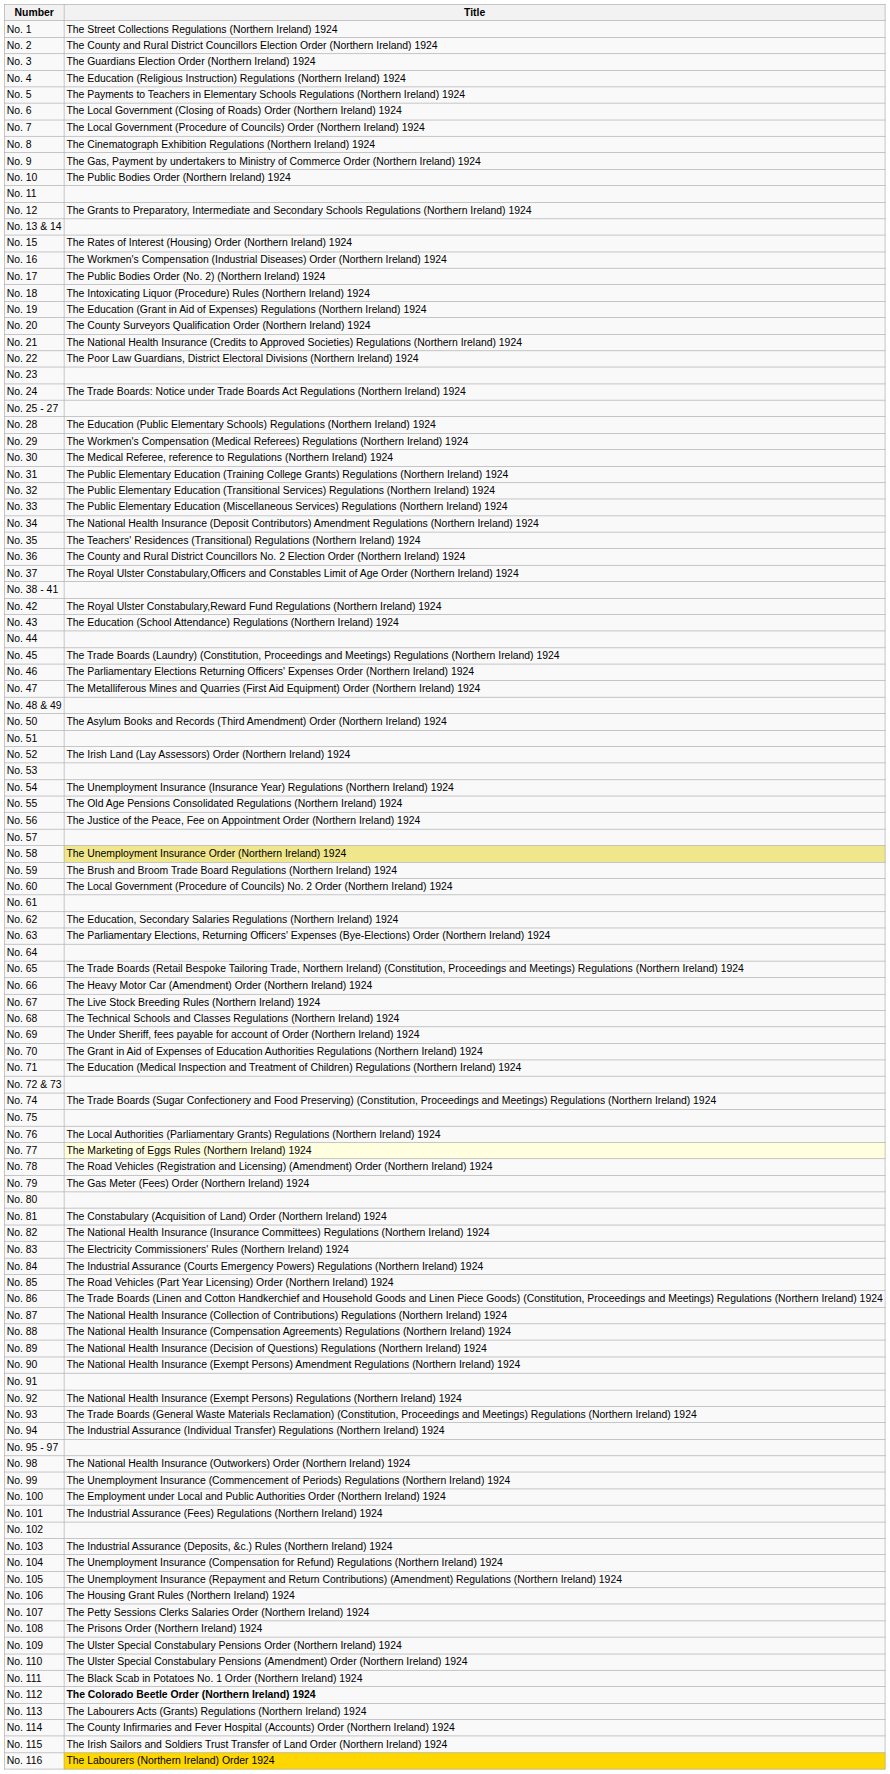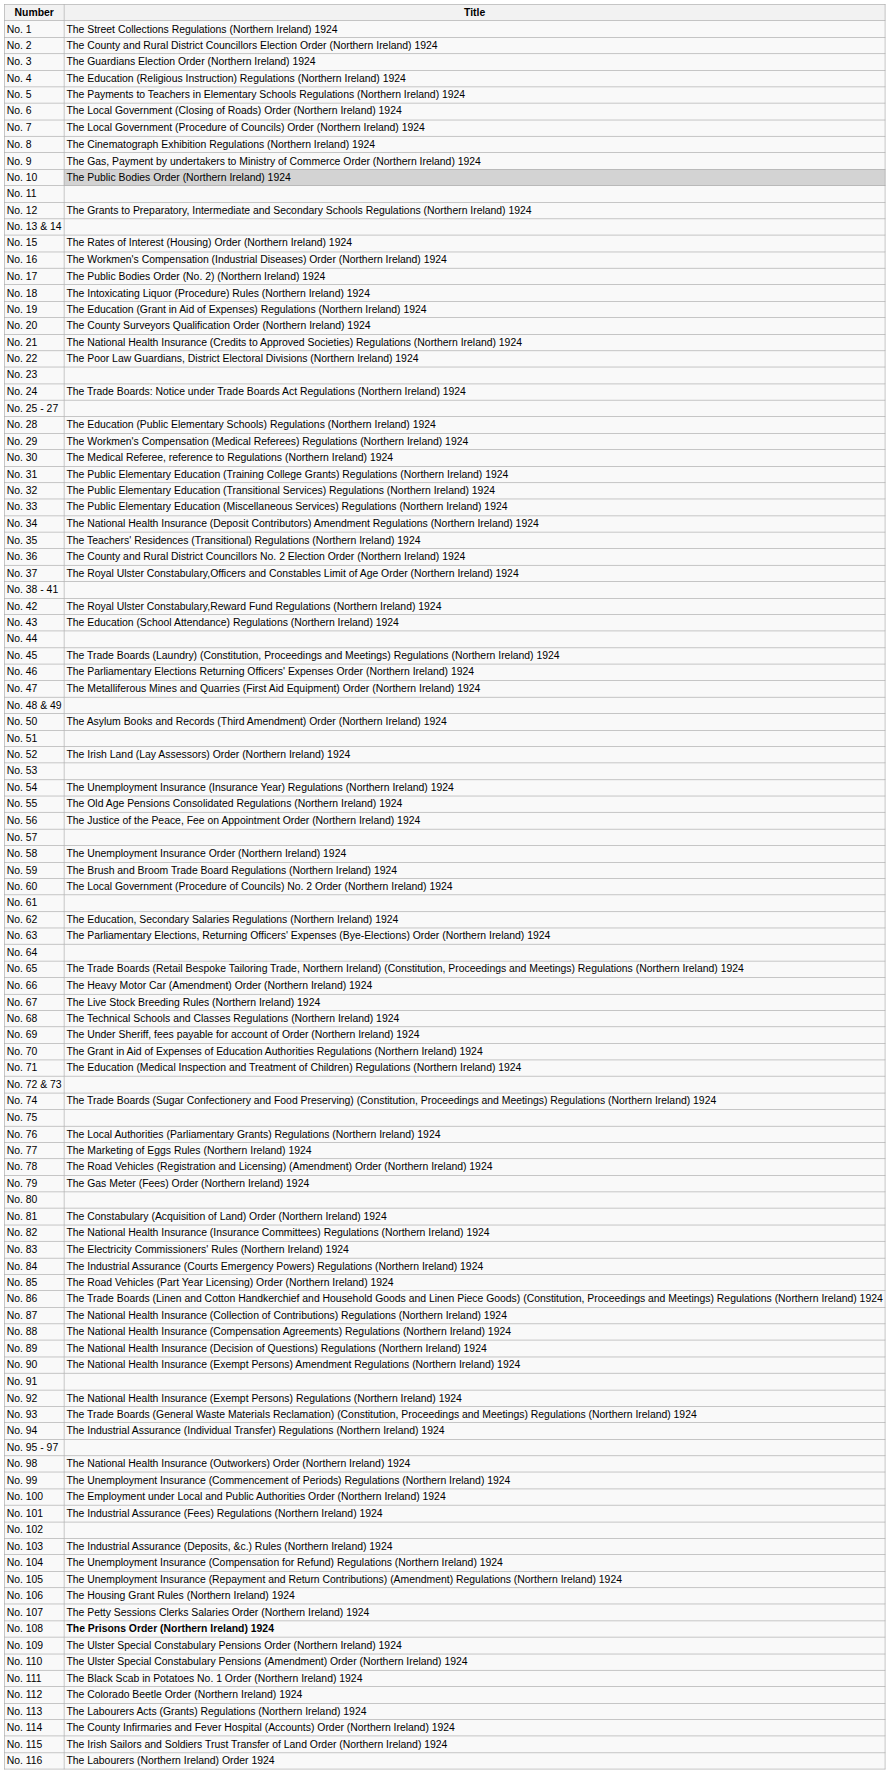 <table class="wikitable collapsible">
 <tr>
 <th>Number</th>
 <th>Title</th>
 </tr>
 <tr>
 <td>No. 1</td>
 <td>The Street Collections Regulations (Northern Ireland) 1924</td>
 </tr>
 <tr>
 <td>No. 2</td>
 <td>The County and Rural District Councillors Election Order (Northern Ireland) 1924</td>
 </tr>
 <tr>
 <td>No. 3</td>
 <td>The Guardians Election Order (Northern Ireland) 1924</td>
 </tr>
 <tr>
 <td>No. 4</td>
 <td>The Education (Religious Instruction) Regulations (Northern Ireland) 1924</td>
 </tr>
 <tr>
 <td>No. 5</td>
 <td>The Payments to Teachers in Elementary Schools Regulations (Northern Ireland) 1924</td>
 </tr>
 <tr>
 <td>No. 6</td>
 <td>The Local Government (Closing of Roads) Order (Northern Ireland) 1924</td>
 </tr>
 <tr>
 <td>No. 7</td>
 <td>The Local Government (Procedure of Councils) Order (Northern Ireland) 1924</td>
 </tr>
 <tr>
 <td>No. 8</td>
 <td>The Cinematograph Exhibition Regulations (Northern Ireland) 1924</td>
 </tr>
 <tr>
 <td>No. 9</td>
 <td>The Gas, Payment by undertakers to Ministry of Commerce Order (Northern Ireland) 1924</td>
 </tr>
 <tr>
 <td>No. 10</td>
-<td>The Public Bodies Order (Northern Ireland) 1924</td>
+<td style="background: lightgrey;">The Public Bodies Order (Northern Ireland) 1924</td>
 </tr>
 <tr>
 <td>No. 11</td>
 <td></td>
 </tr>
 <tr>
 <td>No. 12</td>
 <td>The Grants to Preparatory, Intermediate and Secondary Schools Regulations (Northern Ireland) 1924</td>
 </tr>
 <tr>
 <td>No. 13 & 14</td>
 <td></td>
 </tr>
 <tr>
 <td>No. 15</td>
 <td>The Rates of Interest (Housing) Order (Northern Ireland) 1924</td>
 </tr>
 <tr>
 <td>No. 16</td>
 <td>The Workmen's Compensation (Industrial Diseases) Order (Northern Ireland) 1924</td>
 </tr>
 <tr>
 <td>No. 17</td>
 <td>The Public Bodies Order (No. 2) (Northern Ireland) 1924</td>
 </tr>
 <tr>
 <td>No. 18</td>
 <td>The Intoxicating Liquor (Procedure) Rules (Northern Ireland) 1924</td>
 </tr>
 <tr>
 <td>No. 19</td>
 <td>The Education (Grant in Aid of Expenses) Regulations (Northern Ireland) 1924</td>
 </tr>
 <tr>
 <td>No. 20</td>
 <td>The County Surveyors Qualification Order (Northern Ireland) 1924</td>
 </tr>
 <tr>
 <td>No. 21</td>
 <td>The National Health Insurance (Credits to Approved Societies) Regulations (Northern Ireland) 1924</td>
 </tr>
 <tr>
 <td>No. 22</td>
 <td>The Poor Law Guardians, District Electoral Divisions (Northern Ireland) 1924</td>
 </tr>
 <tr>
 <td>No. 23</td>
 <td></td>
 </tr>
 <tr>
 <td>No. 24</td>
 <td>The Trade Boards: Notice under Trade Boards Act Regulations (Northern Ireland) 1924</td>
 </tr>
 <tr>
 <td>No. 25 - 27</td>
 <td></td>
 </tr>
 <tr>
 <td>No. 28</td>
 <td>The Education (Public Elementary Schools) Regulations (Northern Ireland) 1924</td>
 </tr>
 <tr>
 <td>No. 29</td>
 <td>The Workmen's Compensation (Medical Referees) Regulations (Northern Ireland) 1924</td>
 </tr>
 <tr>
 <td>No. 30</td>
 <td>The Medical Referee, reference to Regulations (Northern Ireland) 1924</td>
 </tr>
 <tr>
 <td>No. 31</td>
 <td>The Public Elementary Education (Training College Grants) Regulations (Northern Ireland) 1924</td>
 </tr>
 <tr>
 <td>No. 32</td>
 <td>The Public Elementary Education (Transitional Services) Regulations (Northern Ireland) 1924</td>
 </tr>
 <tr>
 <td>No. 33</td>
 <td>The Public Elementary Education (Miscellaneous Services) Regulations (Northern Ireland) 1924</td>
 </tr>
 <tr>
 <td>No. 34</td>
 <td>The National Health Insurance (Deposit Contributors) Amendment Regulations (Northern Ireland) 1924</td>
 </tr>
 <tr>
 <td>No. 35</td>
 <td>The Teachers' Residences (Transitional) Regulations (Northern Ireland) 1924</td>
 </tr>
 <tr>
 <td>No. 36</td>
 <td>The County and Rural District Councillors No. 2 Election Order (Northern Ireland) 1924</td>
 </tr>
 <tr>
 <td>No. 37</td>
 <td>The Royal Ulster Constabulary,Officers and Constables Limit of Age Order (Northern Ireland) 1924</td>
 </tr>
 <tr>
 <td>No. 38 - 41</td>
 <td></td>
 </tr>
 <tr>
 <td>No. 42</td>
 <td>The Royal Ulster Constabulary,Reward Fund Regulations (Northern Ireland) 1924</td>
 </tr>
 <tr>
 <td>No. 43</td>
 <td>The Education (School Attendance) Regulations (Northern Ireland) 1924</td>
 </tr>
 <tr>
 <td>No. 44</td>
 <td></td>
 </tr>
 <tr>
 <td>No. 45</td>
 <td>The Trade Boards (Laundry) (Constitution, Proceedings and Meetings) Regulations (Northern Ireland) 1924</td>
 </tr>
 <tr>
 <td>No. 46</td>
 <td>The Parliamentary Elections Returning Officers' Expenses Order (Northern Ireland) 1924</td>
 </tr>
 <tr>
 <td>No. 47</td>
 <td>The Metalliferous Mines and Quarries (First Aid Equipment) Order (Northern Ireland) 1924</td>
 </tr>
 <tr>
 <td>No. 48 & 49</td>
 <td></td>
 </tr>
 <tr>
 <td>No. 50</td>
 <td>The Asylum Books and Records (Third Amendment) Order (Northern Ireland) 1924</td>
 </tr>
 <tr>
 <td>No. 51</td>
 <td></td>
 </tr>
 <tr>
 <td>No. 52</td>
 <td>The Irish Land (Lay Assessors) Order (Northern Ireland) 1924</td>
 </tr>
 <tr>
 <td>No. 53</td>
 <td></td>
 </tr>
 <tr>
 <td>No. 54</td>
 <td>The Unemployment Insurance (Insurance Year) Regulations (Northern Ireland) 1924</td>
 </tr>
 <tr>
 <td>No. 55</td>
 <td>The Old Age Pensions Consolidated Regulations (Northern Ireland) 1924</td>
 </tr>
 <tr>
 <td>No. 56</td>
 <td>The Justice of the Peace, Fee on Appointment Order (Northern Ireland) 1924</td>
 </tr>
 <tr>
 <td>No. 57</td>
 <td></td>
 </tr>
 <tr>
 <td>No. 58</td>
-<td style="background: khaki;">The Unemployment Insurance Order (Northern Ireland) 1924</td>
+<td>The Unemployment Insurance Order (Northern Ireland) 1924</td>
 </tr>
 <tr>
 <td>No. 59</td>
 <td>The Brush and Broom Trade Board Regulations (Northern Ireland) 1924</td>
 </tr>
 <tr>
 <td>No. 60</td>
 <td>The Local Government (Procedure of Councils) No. 2 Order (Northern Ireland) 1924</td>
 </tr>
 <tr>
 <td>No. 61</td>
 <td></td>
 </tr>
 <tr>
 <td>No. 62</td>
 <td>The Education, Secondary Salaries Regulations (Northern Ireland) 1924</td>
 </tr>
 <tr>
 <td>No. 63</td>
 <td>The Parliamentary Elections, Returning Officers' Expenses (Bye-Elections) Order (Northern Ireland) 1924</td>
 </tr>
 <tr>
 <td>No. 64</td>
 <td></td>
 </tr>
 <tr>
 <td>No. 65</td>
 <td>The Trade Boards (Retail Bespoke Tailoring Trade, Northern Ireland) (Constitution, Proceedings and Meetings) Regulations (Northern Ireland) 1924</td>
 </tr>
 <tr>
 <td>No. 66</td>
 <td>The Heavy Motor Car (Amendment) Order (Northern Ireland) 1924</td>
 </tr>
 <tr>
 <td>No. 67</td>
 <td>The Live Stock Breeding Rules (Northern Ireland) 1924</td>
 </tr>
 <tr>
 <td>No. 68</td>
 <td>The Technical Schools and Classes Regulations (Northern Ireland) 1924</td>
 </tr>
 <tr>
 <td>No. 69</td>
 <td>The Under Sheriff, fees payable for account of Order (Northern Ireland) 1924</td>
 </tr>
 <tr>
 <td>No. 70</td>
 <td>The Grant in Aid of Expenses of Education Authorities Regulations (Northern Ireland) 1924</td>
 </tr>
 <tr>
 <td>No. 71</td>
 <td>The Education (Medical Inspection and Treatment of Children) Regulations (Northern Ireland) 1924</td>
 </tr>
 <tr>
 <td>No. 72 & 73</td>
 <td></td>
 </tr>
 <tr>
 <td>No. 74</td>
 <td>The Trade Boards (Sugar Confectionery and Food Preserving) (Constitution, Proceedings and Meetings) Regulations (Northern Ireland) 1924</td>
 </tr>
 <tr>
 <td>No. 75</td>
 <td></td>
 </tr>
 <tr>
 <td>No. 76</td>
 <td>The Local Authorities (Parliamentary Grants) Regulations (Northern Ireland) 1924</td>
 </tr>
 <tr>
 <td>No. 77</td>
-<td style="background: lightyellow;">The Marketing of Eggs Rules (Northern Ireland) 1924</td>
+<td>The Marketing of Eggs Rules (Northern Ireland) 1924</td>
 </tr>
 <tr>
 <td>No. 78</td>
 <td>The Road Vehicles (Registration and Licensing) (Amendment) Order (Northern Ireland) 1924</td>
 </tr>
 <tr>
 <td>No. 79</td>
 <td>The Gas Meter (Fees) Order (Northern Ireland) 1924</td>
 </tr>
 <tr>
 <td>No. 80</td>
 <td></td>
 </tr>
 <tr>
 <td>No. 81</td>
 <td>The Constabulary (Acquisition of Land) Order (Northern Ireland) 1924</td>
 </tr>
 <tr>
 <td>No. 82</td>
 <td>The National Health Insurance (Insurance Committees) Regulations (Northern Ireland) 1924</td>
 </tr>
 <tr>
 <td>No. 83</td>
 <td>The Electricity Commissioners' Rules (Northern Ireland) 1924</td>
 </tr>
 <tr>
 <td>No. 84</td>
 <td>The Industrial Assurance (Courts Emergency Powers) Regulations (Northern Ireland) 1924</td>
 </tr>
 <tr>
 <td>No. 85</td>
 <td>The Road Vehicles (Part Year Licensing) Order (Northern Ireland) 1924</td>
 </tr>
 <tr>
 <td>No. 86</td>
 <td>The Trade Boards (Linen and Cotton Handkerchief and Household Goods and Linen Piece Goods) (Constitution, Proceedings and Meetings) Regulations (Northern Ireland) 1924</td>
 </tr>
 <tr>
 <td>No. 87</td>
 <td>The National Health Insurance (Collection of Contributions) Regulations (Northern Ireland) 1924</td>
 </tr>
 <tr>
 <td>No. 88</td>
 <td>The National Health Insurance (Compensation Agreements) Regulations (Northern Ireland) 1924</td>
 </tr>
 <tr>
 <td>No. 89</td>
 <td>The National Health Insurance (Decision of Questions) Regulations (Northern Ireland) 1924</td>
 </tr>
 <tr>
 <td>No. 90</td>
 <td>The National Health Insurance (Exempt Persons) Amendment Regulations (Northern Ireland) 1924</td>
 </tr>
 <tr>
 <td>No. 91</td>
 <td></td>
 </tr>
 <tr>
 <td>No. 92</td>
 <td>The National Health Insurance (Exempt Persons) Regulations (Northern Ireland) 1924</td>
 </tr>
 <tr>
 <td>No. 93</td>
 <td>The Trade Boards (General Waste Materials Reclamation) (Constitution, Proceedings and Meetings) Regulations (Northern Ireland) 1924</td>
 </tr>
 <tr>
 <td>No. 94</td>
 <td>The Industrial Assurance (Individual Transfer) Regulations (Northern Ireland) 1924</td>
 </tr>
 <tr>
 <td>No. 95 - 97</td>
 <td></td>
 </tr>
 <tr>
 <td>No. 98</td>
 <td>The National Health Insurance (Outworkers) Order (Northern Ireland) 1924</td>
 </tr>
 <tr>
 <td>No. 99</td>
 <td>The Unemployment Insurance (Commencement of Periods) Regulations (Northern Ireland) 1924</td>
 </tr>
 <tr>
 <td>No. 100</td>
 <td>The Employment under Local and Public Authorities Order (Northern Ireland) 1924</td>
 </tr>
 <tr>
 <td>No. 101</td>
 <td>The Industrial Assurance (Fees) Regulations (Northern Ireland) 1924</td>
 </tr>
 <tr>
 <td>No. 102</td>
 <td></td>
 </tr>
 <tr>
 <td>No. 103</td>
 <td>The Industrial Assurance (Deposits, &c.) Rules (Northern Ireland) 1924</td>
 </tr>
 <tr>
 <td>No. 104</td>
 <td>The Unemployment Insurance (Compensation for Refund) Regulations (Northern Ireland) 1924</td>
 </tr>
 <tr>
 <td>No. 105</td>
 <td>The Unemployment Insurance (Repayment and Return Contributions) (Amendment) Regulations (Northern Ireland) 1924</td>
 </tr>
 <tr>
 <td>No. 106</td>
 <td>The Housing Grant Rules (Northern Ireland) 1924</td>
 </tr>
 <tr>
 <td>No. 107</td>
 <td>The Petty Sessions Clerks Salaries Order (Northern Ireland) 1924</td>
 </tr>
 <tr>
 <td>No. 108</td>
-<td>The Prisons Order (Northern Ireland) 1924</td>
+<td><strong>The Prisons Order (Northern Ireland) 1924</strong></td>
 </tr>
 <tr>
 <td>No. 109</td>
 <td>The Ulster Special Constabulary Pensions Order (Northern Ireland) 1924</td>
 </tr>
 <tr>
 <td>No. 110</td>
 <td>The Ulster Special Constabulary Pensions (Amendment) Order (Northern Ireland) 1924</td>
 </tr>
 <tr>
 <td>No. 111</td>
 <td>The Black Scab in Potatoes No. 1 Order (Northern Ireland) 1924</td>
 </tr>
 <tr>
 <td>No. 112</td>
-<td><strong>The Colorado Beetle Order (Northern Ireland) 1924</strong></td>
+<td>The Colorado Beetle Order (Northern Ireland) 1924</td>
 </tr>
 <tr>
 <td>No. 113</td>
 <td>The Labourers Acts (Grants) Regulations (Northern Ireland) 1924</td>
 </tr>
 <tr>
 <td>No. 114</td>
 <td>The County Infirmaries and Fever Hospital (Accounts) Order (Northern Ireland) 1924</td>
 </tr>
 <tr>
 <td>No. 115</td>
 <td>The Irish Sailors and Soldiers Trust Transfer of Land Order (Northern Ireland) 1924</td>
 </tr>
 <tr>
 <td>No. 116</td>
-<td style="background: gold;">The Labourers (Northern Ireland) Order 1924</td>
+<td>The Labourers (Northern Ireland) Order 1924</td>
 </tr>
 </table>
